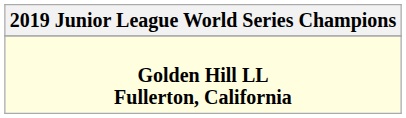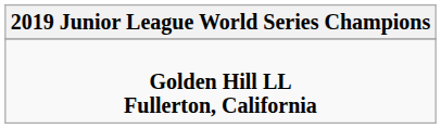 <table class="wikitable" style="text-align: center; margin: 0 auto;">
 <tr>
 <th>2019 Junior League World Series Champions</th>
 </tr>
 <tr>
 </tr>
 <tr>
-<td style="background: lightyellow;"><br><strong>Golden Hill LL</strong><br><strong>Fullerton, California</strong></td>
+<td><br><strong>Golden Hill LL</strong><br><strong>Fullerton, California</strong></td>
 </tr>
 </table>
